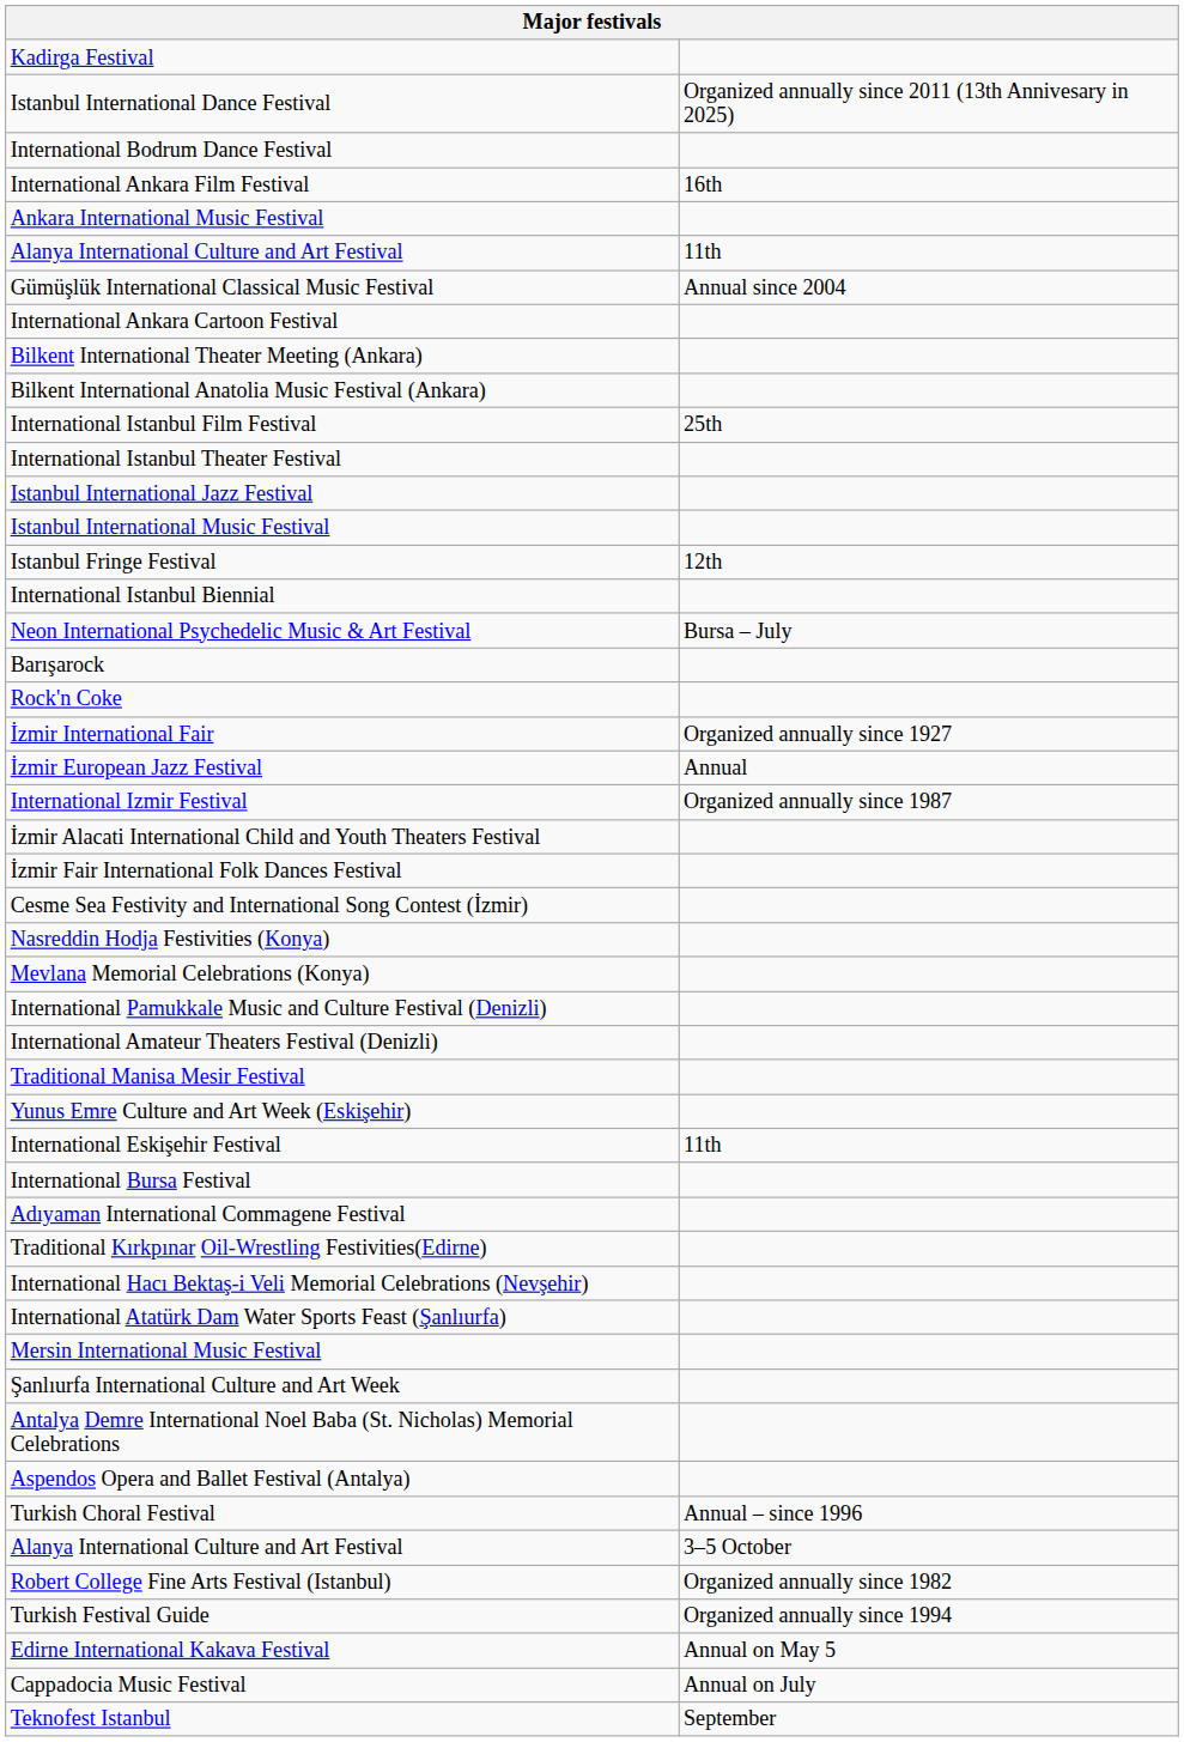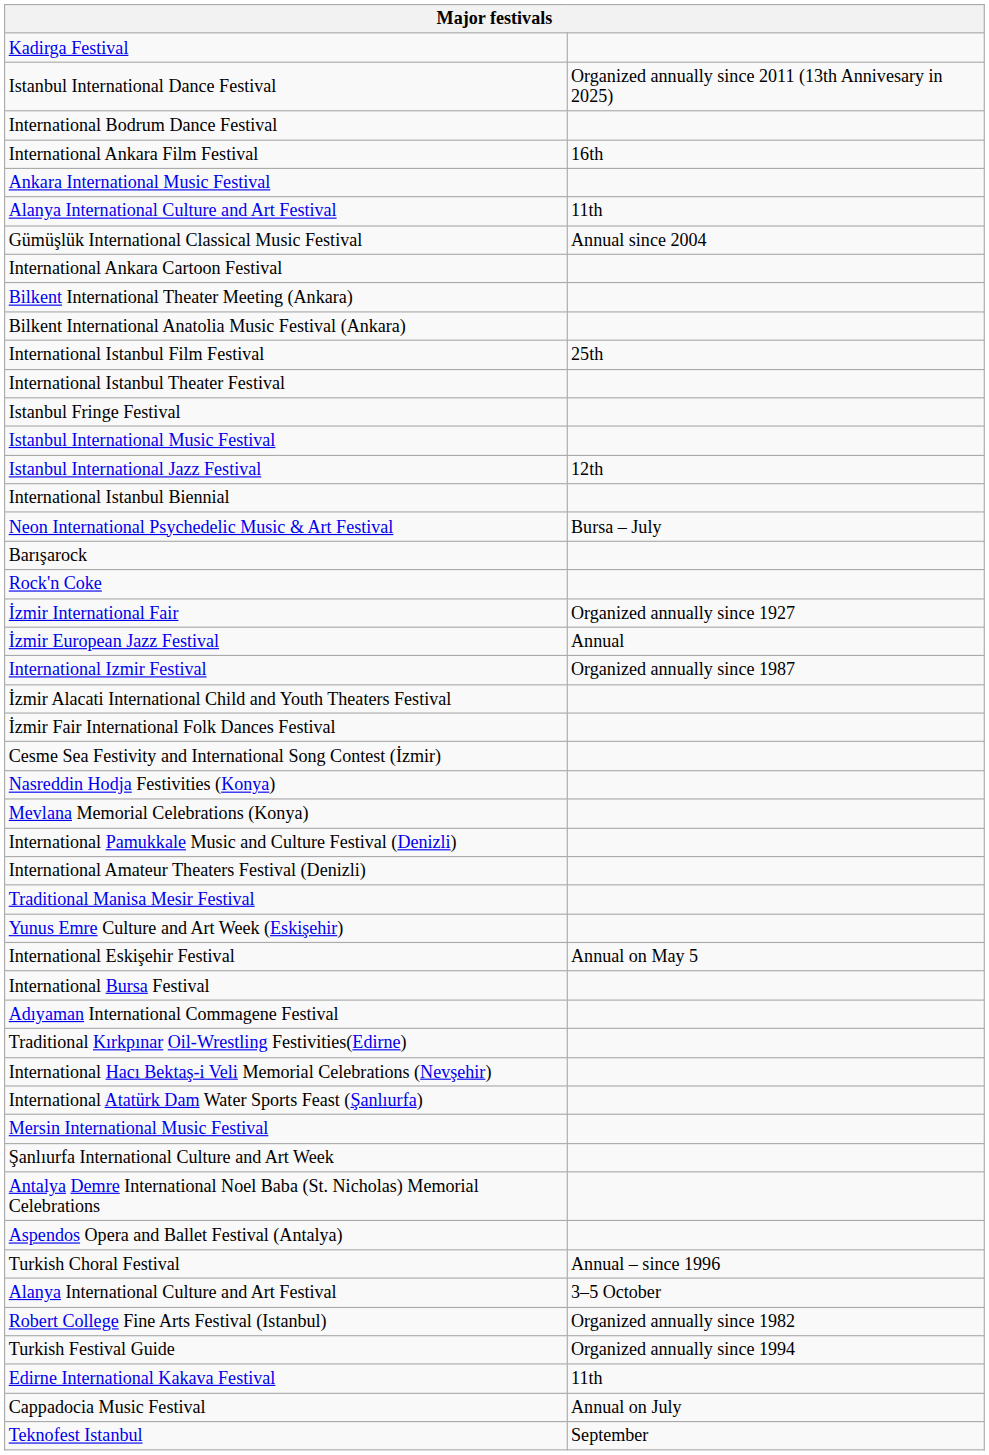 <table class=wikitable>
 <tr>
 <th colspan="2">Major festivals</th>
 </tr>
 <tr>
 <td><a href='#'>Kadirga Festival</a></td>
 </tr>
 <tr>
 <td>Istanbul International Dance Festival</td>
 <td>Organized annually since 2011 (13th Annivesary in 2025)</td>
 </tr>
 <tr>
 <td>International Bodrum Dance Festival</td>
 <td></td>
 </tr>
 <tr>
 <td>International Ankara Film Festival</td>
 <td>16th</td>
 </tr>
 <tr>
 <td><a href='#'>Ankara International Music Festival</a></td>
 <td></td>
 </tr>
 <tr>
 <td><a href='#'>Alanya International Culture and Art Festival</a></td>
 <td>11th</td>
 </tr>
 <tr>
 <td>Gümüşlük International Classical Music Festival</td>
 <td>Annual since 2004</td>
 </tr>
 <tr>
 <td>International Ankara Cartoon Festival</td>
 <td></td>
 </tr>
 <tr>
 <td><a href='#'>Bilkent</a> International Theater Meeting (Ankara)</td>
 <td></td>
 </tr>
 <tr>
 <td>Bilkent International Anatolia Music Festival (Ankara)</td>
 <td></td>
 </tr>
 <tr>
 <td>International Istanbul Film Festival</td>
 <td>25th</td>
 </tr>
 <tr>
 <td>International Istanbul Theater Festival</td>
 <td></td>
 </tr>
 <tr>
-<td><a href='#'>Istanbul International Jazz Festival</a></td>
+<td>Istanbul Fringe Festival</td>
 <td></td>
 </tr>
 <tr>
 <td><a href='#'>Istanbul International Music Festival</a></td>
 <td></td>
 </tr>
 <tr>
-<td>Istanbul Fringe Festival</td>
+<td><a href='#'>Istanbul International Jazz Festival</a></td>
 <td>12th</td>
 </tr>
 <tr>
 <td>International Istanbul Biennial</td>
 <td></td>
 </tr>
 <tr>
 <td><a href='#'>Neon International Psychedelic Music & Art Festival</a></td>
 <td>Bursa – July</td>
 </tr>
 <tr>
 <td>Barışarock</td>
 <td></td>
 </tr>
 <tr>
 <td><a href='#'>Rock'n Coke</a></td>
 <td></td>
 </tr>
 <tr>
 <td><a href='#'>İzmir International Fair</a></td>
 <td>Organized annually since 1927</td>
 </tr>
 <tr>
 <td><a href='#'>İzmir European Jazz Festival</a></td>
 <td>Annual</td>
 </tr>
 <tr>
 <td><a href='#'>International Izmir Festival</a></td>
 <td>Organized annually since 1987</td>
 </tr>
 <tr>
 <td>İzmir Alacati International Child and Youth Theaters Festival</td>
 <td></td>
 </tr>
 <tr>
 <td>İzmir Fair International Folk Dances Festival</td>
 <td></td>
 </tr>
 <tr>
 <td>Cesme Sea Festivity and International Song Contest (İzmir)</td>
 <td></td>
 </tr>
 <tr>
 <td><a href='#'>Nasreddin Hodja</a> Festivities (<a href='#'>Konya</a>)</td>
 <td></td>
 </tr>
 <tr>
 <td><a href='#'>Mevlana</a> Memorial Celebrations (Konya)</td>
 <td></td>
 </tr>
 <tr>
 <td>International <a href='#'>Pamukkale</a> Music and Culture Festival (<a href='#'>Denizli</a>)</td>
 <td></td>
 </tr>
 <tr>
 <td>International Amateur Theaters Festival (Denizli)</td>
 <td></td>
 </tr>
 <tr>
 <td><a href='#'>Traditional Manisa Mesir Festival</a></td>
 <td></td>
 </tr>
 <tr>
 <td><a href='#'>Yunus Emre</a> Culture and Art Week (<a href='#'>Eskişehir</a>)</td>
 <td></td>
 </tr>
 <tr>
 <td>International Eskişehir Festival</td>
-<td>11th</td>
+<td>Annual on May 5</td>
 </tr>
 <tr>
 <td>International <a href='#'>Bursa</a> Festival</td>
 <td></td>
 </tr>
 <tr>
 <td><a href='#'>Adıyaman</a> International Commagene Festival</td>
 <td></td>
 </tr>
 <tr>
 <td>Traditional <a href='#'>Kırkpınar</a> <a href='#'>Oil-Wrestling</a> Festivities(<a href='#'>Edirne</a>)</td>
 <td></td>
 </tr>
 <tr>
 <td>International <a href='#'>Hacı Bektaş-i Veli</a> Memorial Celebrations (<a href='#'>Nevşehir</a>)</td>
 <td></td>
 </tr>
 <tr>
 <td>International <a href='#'>Atatürk Dam</a> Water Sports Feast (<a href='#'>Şanlıurfa</a>)</td>
 <td></td>
 </tr>
 <tr>
 <td><a href='#'>Mersin International Music Festival</a></td>
 <td></td>
 </tr>
 <tr>
 <td>Şanlıurfa International Culture and Art Week</td>
 <td></td>
 </tr>
 <tr>
 <td><a href='#'>Antalya</a> <a href='#'>Demre</a> International Noel Baba (St. Nicholas) Memorial Celebrations</td>
 <td></td>
 </tr>
 <tr>
 <td><a href='#'>Aspendos</a> Opera and Ballet Festival (Antalya)</td>
 <td></td>
 </tr>
 <tr>
 <td>Turkish Choral Festival</td>
 <td>Annual – since 1996</td>
 </tr>
 <tr>
 <td><a href='#'>Alanya</a> International Culture and Art Festival</td>
 <td>3–5 October</td>
 </tr>
 <tr>
 <td><a href='#'>Robert College</a> Fine Arts Festival (Istanbul)</td>
 <td>Organized annually since 1982</td>
 </tr>
 <tr>
 <td>Turkish Festival Guide</td>
 <td>Organized annually since 1994</td>
 </tr>
 <tr>
 <td><a href='#'>Edirne International Kakava Festival</a></td>
-<td>Annual on May 5</td>
+<td>11th</td>
 </tr>
 <tr>
 <td>Cappadocia Music Festival</td>
 <td>Annual on July</td>
 </tr>
 <tr>
 <td><a href='#'>Teknofest Istanbul</a></td>
 <td>September</td>
 </tr>
 </table>
